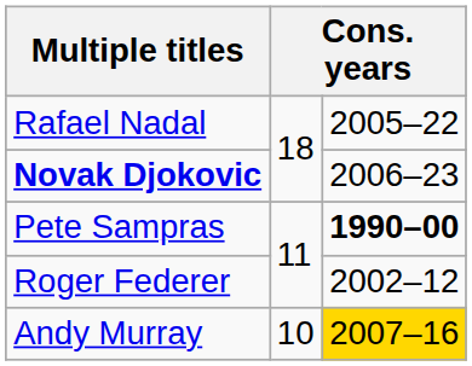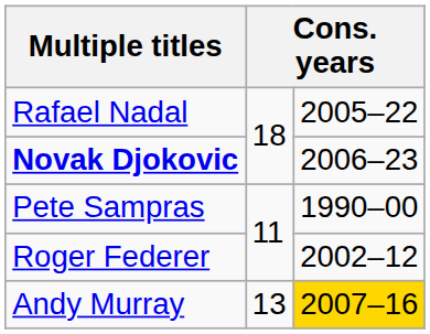 <table class="wikitable" style="display: inline-table;">
 <tr>
 <th>Multiple titles</th>
 <th colspan="2" width="20">Cons. years</th>
 </tr>
 <tr>
 <td> <a href='#'>Rafael Nadal</a></td>
 <td rowspan="2">18</td>
 <td>2005–22</td>
 </tr>
 <tr>
 <td> <strong><a href='#'>Novak Djokovic</a></strong></td>
 <td>2006–23</td>
 </tr>
 <tr>
 <td> <a href='#'>Pete Sampras</a></td>
 <td rowspan="2">11</td>
-<td><strong>1990–00</strong></td>
+<td>1990–00</td>
 </tr>
 <tr>
 <td> <a href='#'>Roger Federer</a></td>
 <td>2002–12</td>
 </tr>
 <tr>
 <td> <a href='#'>Andy Murray</a></td>
-<td>10</td>
+<td>13</td>
 <td style="background: gold;">2007–16</td>
 </tr>
 </table>
